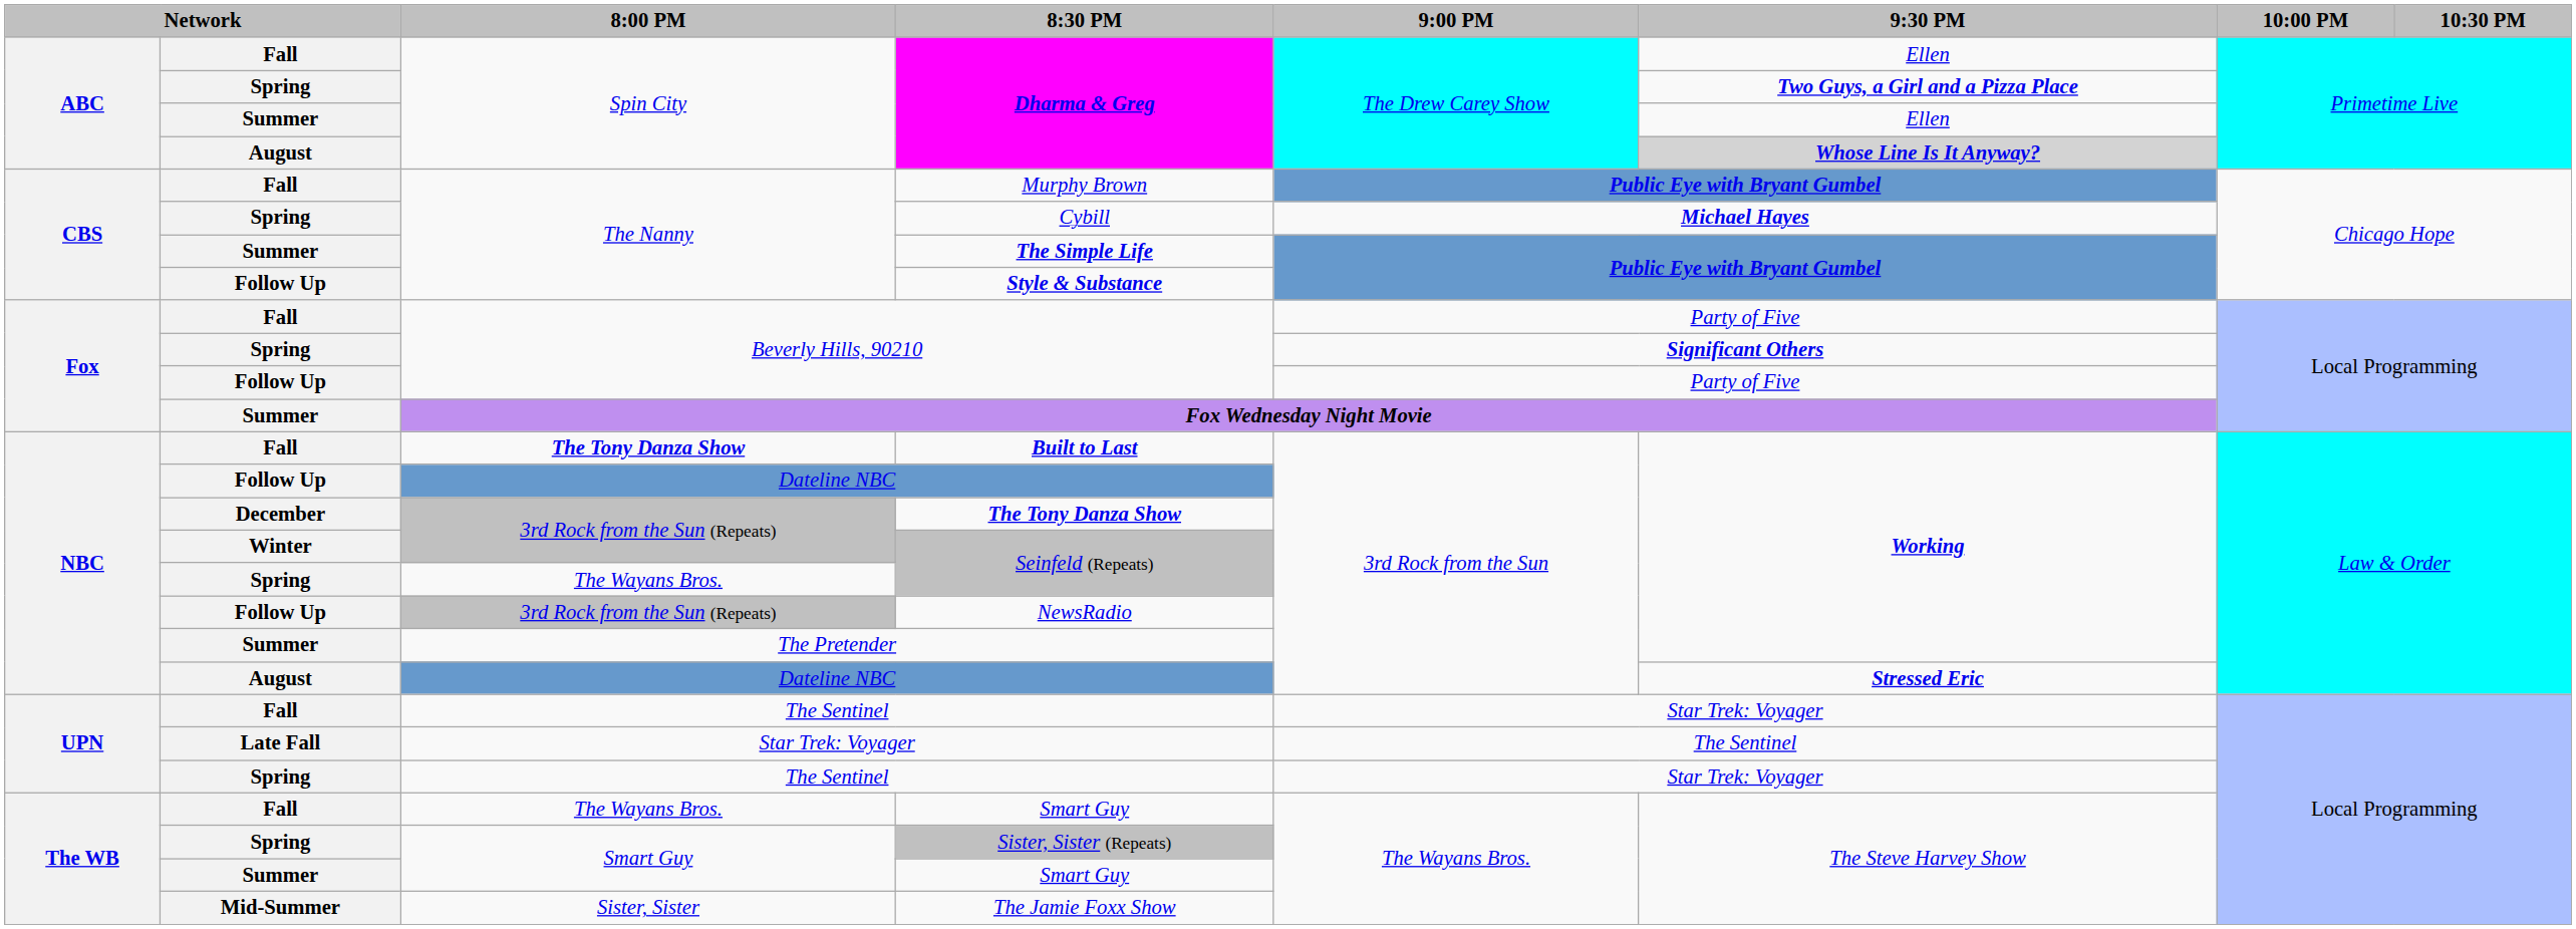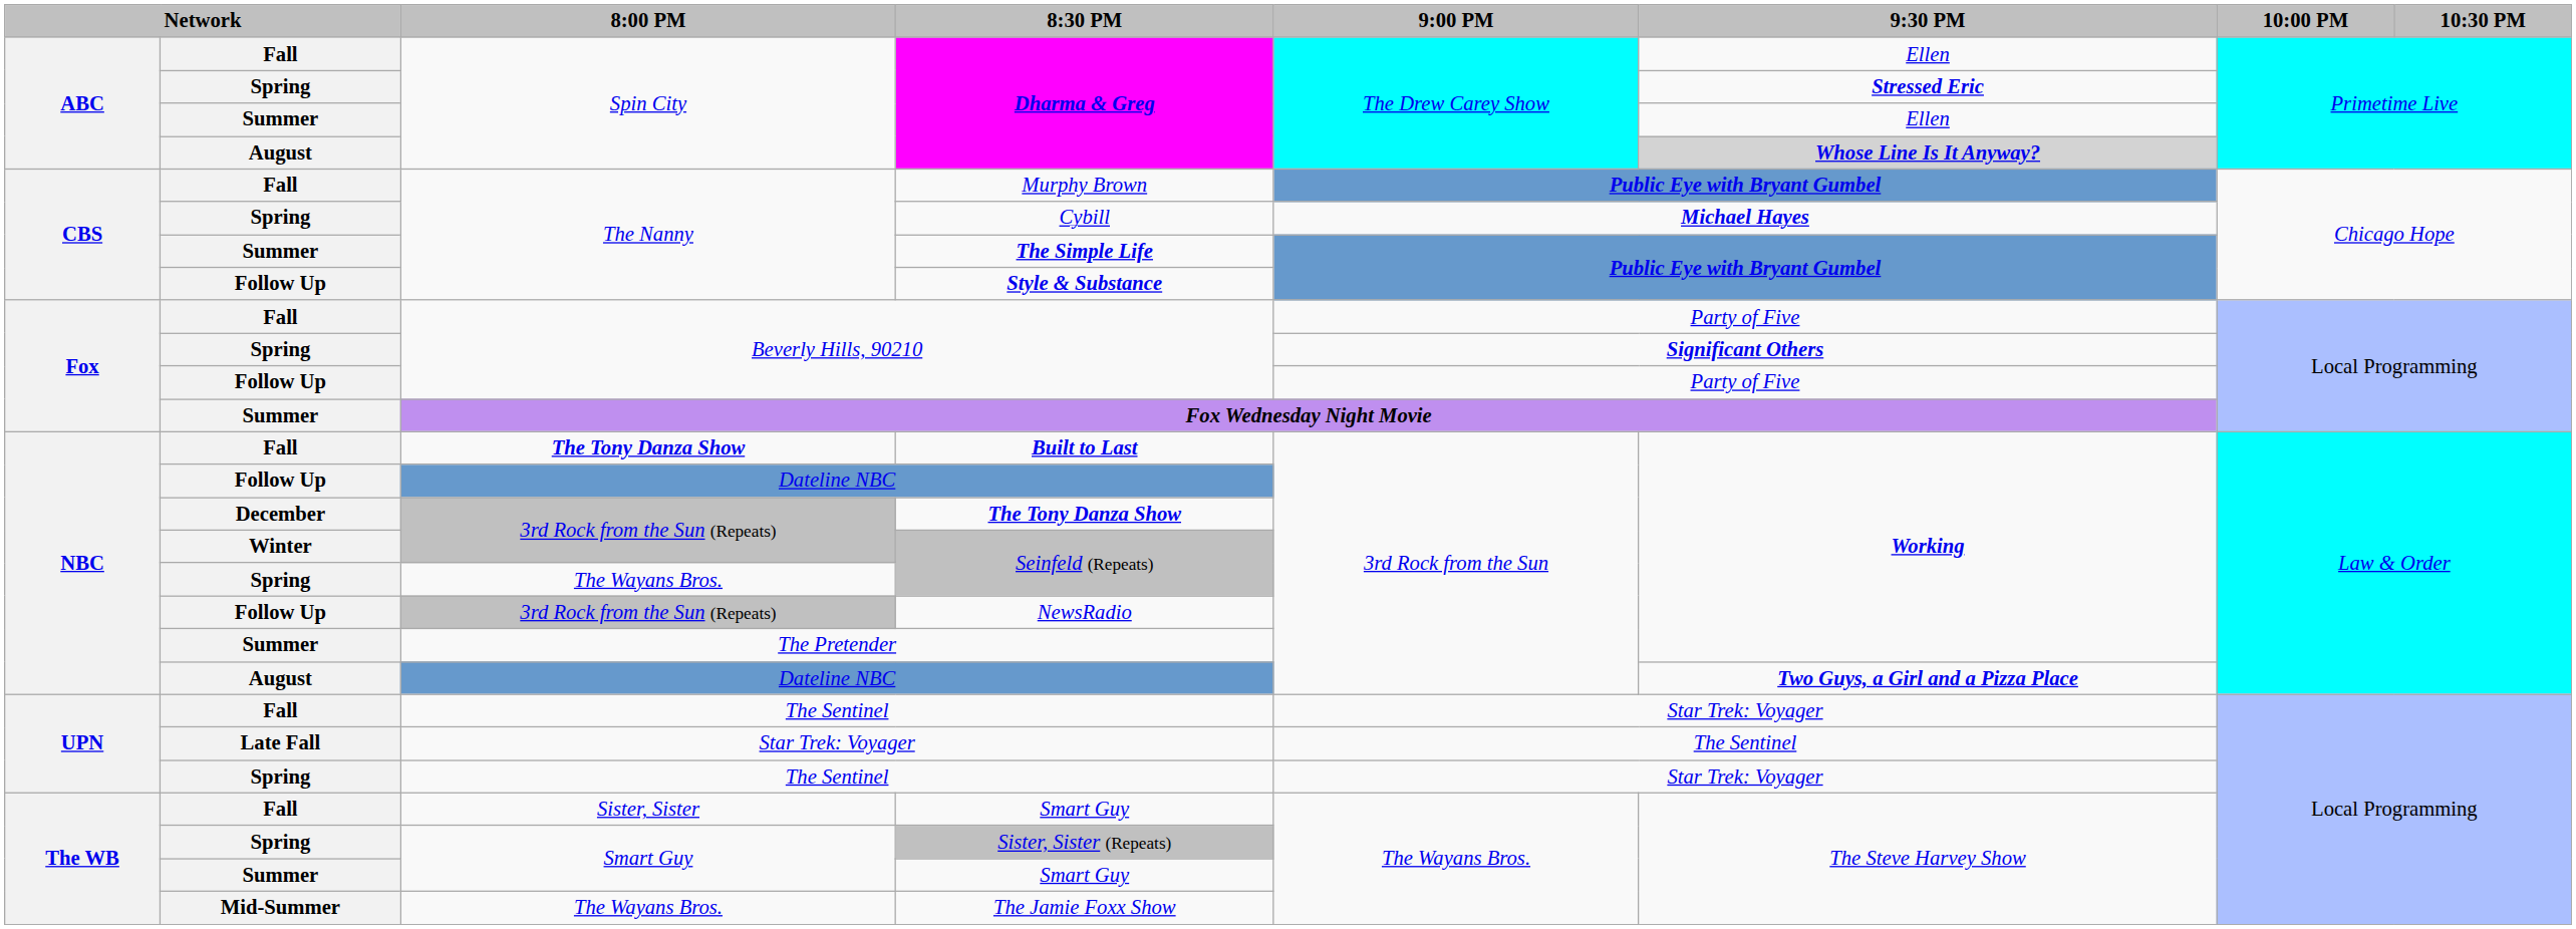 <table class="wikitable" style="width:100%;margin-right:0;text-align:center">
 <tr>
 <th colspan="2" style="background-color:#C0C0C0;text-align:center">Network</th>
 <th style="background-color:#C0C0C0;text-align:center">8:00 PM</th>
 <th style="background-color:#C0C0C0;text-align:center">8:30 PM</th>
 <th style="background-color:#C0C0C0;text-align:center">9:00 PM</th>
 <th style="background-color:#C0C0C0;text-align:center">9:30 PM</th>
 <th style="background-color:#C0C0C0;text-align:center">10:00 PM</th>
 <th style="background-color:#C0C0C0;text-align:center">10:30 PM</th>
 </tr>
 <tr>
 <th rowspan="4"><a href='#'>ABC</a></th>
 <th>Fall</th>
 <td rowspan="4"><em><a href='#'>Spin City</a></em></td>
 <td rowspan="4" style="background:magenta;"><strong><em><a href='#'>Dharma & Greg</a></em></strong> </td>
 <td rowspan="4" style="background:cyan;"><em><a href='#'>The Drew Carey Show</a></em> </td>
 <td><em><a href='#'>Ellen</a></em></td>
 <td rowspan="4" colspan="2" style="background:cyan;"><em><a href='#'>Primetime Live</a></em> </td>
 </tr>
 <tr>
 <th>Spring</th>
-<td><strong><em><a href='#'>Two Guys, a Girl and a Pizza Place</a></em></strong></td>
+<td><strong><em><a href='#'>Stressed Eric</a></em></strong></td>
 </tr>
 <tr>
 <th>Summer</th>
 <td><em><a href='#'>Ellen</a></em></td>
 </tr>
 <tr>
 <th>August</th>
 <td style="background: lightgrey;"><strong><em><a href='#'>Whose Line Is It Anyway?</a></em></strong></td>
 </tr>
 <tr>
 <th rowspan="4"><a href='#'>CBS</a></th>
 <th>Fall</th>
 <td rowspan="4"><em><a href='#'>The Nanny</a></em></td>
 <td><em><a href='#'>Murphy Brown</a></em></td>
 <td bgcolor="#6699CC" colspan="2"><strong><em><a href='#'>Public Eye with Bryant Gumbel</a></em></strong></td>
 <td rowspan="4" colspan="2"><em><a href='#'>Chicago Hope</a></em></td>
 </tr>
 <tr>
 <th>Spring</th>
 <td><em><a href='#'>Cybill</a></em></td>
 <td colspan="2"><strong><em><a href='#'>Michael Hayes</a></em></strong></td>
 </tr>
 <tr>
 <th>Summer</th>
 <td><strong><em><a href='#'>The Simple Life</a></em></strong></td>
 <td rowspan="2" bgcolor="#6699CC" colspan="2"><strong><em><a href='#'>Public Eye with Bryant Gumbel</a></em></strong></td>
 </tr>
 <tr>
 <th>Follow Up</th>
 <td><strong><em><a href='#'>Style & Substance</a></em></strong></td>
 </tr>
 <tr>
 <th rowspan="4"><a href='#'>Fox</a></th>
 <th>Fall</th>
 <td rowspan="3" colspan="2"><em><a href='#'>Beverly Hills, 90210</a></em></td>
 <td colspan="2"><em><a href='#'>Party of Five</a></em></td>
 <td bgcolor="#abbfff" rowspan="4" colspan="2">Local Programming</td>
 </tr>
 <tr>
 <th>Spring</th>
 <td colspan="2"><strong><em><a href='#'>Significant Others</a></em></strong></td>
 </tr>
 <tr>
 <th>Follow Up</th>
 <td colspan="2"><em><a href='#'>Party of Five</a></em></td>
 </tr>
 <tr>
 <th>Summer</th>
 <td bgcolor="#bf8fef" colspan="4"><strong><em>Fox Wednesday Night Movie</em></strong></td>
 </tr>
 <tr>
 <th rowspan="8"><a href='#'>NBC</a></th>
 <th>Fall</th>
 <td><strong><em><a href='#'>The Tony Danza Show</a></em></strong></td>
 <td><strong><em><a href='#'>Built to Last</a></em></strong></td>
 <td rowspan="8"><em><a href='#'>3rd Rock from the Sun</a></em></td>
 <td rowspan="7"><strong><em><a href='#'>Working</a></em></strong></td>
 <td rowspan="8" colspan="2" style="background:cyan;"><em><a href='#'>Law & Order</a></em> </td>
 </tr>
 <tr>
 <th>Follow Up</th>
 <td bgcolor="#6699CC" colspan="2"><em><a href='#'>Dateline NBC</a></em></td>
 </tr>
 <tr>
 <th>December</th>
 <td bgcolor="#C0C0C0" rowspan="2"><em><a href='#'>3rd Rock from the Sun</a></em> <small>(Repeats)</small></td>
 <td><strong><em><a href='#'>The Tony Danza Show</a></em></strong></td>
 </tr>
 <tr>
 <th>Winter</th>
 <td bgcolor="#C0C0C0" rowspan="2"><em><a href='#'>Seinfeld</a></em> <small>(Repeats)</small></td>
 </tr>
 <tr>
 <th>Spring</th>
 <td><em><a href='#'>The Wayans Bros.</a></em></td>
 </tr>
 <tr>
 <th>Follow Up</th>
 <td bgcolor="#C0C0C0"><em><a href='#'>3rd Rock from the Sun</a></em> <small>(Repeats)</small></td>
 <td><em><a href='#'>NewsRadio</a></em></td>
 </tr>
 <tr>
 <th>Summer</th>
 <td colspan="2"><em><a href='#'>The Pretender</a></em></td>
 </tr>
 <tr>
 <th>August</th>
 <td bgcolor="#6699CC" colspan="2"><em><a href='#'>Dateline NBC</a></em></td>
-<td><strong><em><a href='#'>Stressed Eric</a></em></strong></td>
+<td><strong><em><a href='#'>Two Guys, a Girl and a Pizza Place</a></em></strong></td>
 </tr>
 <tr>
 <th rowspan="3"><a href='#'>UPN</a></th>
 <th>Fall</th>
 <td colspan="2"><em><a href='#'>The Sentinel</a></em></td>
 <td colspan="2"><em><a href='#'>Star Trek: Voyager</a></em></td>
 <td bgcolor="#abbfff" rowspan="7" colspan="2">Local Programming</td>
 </tr>
 <tr>
 <th>Late Fall</th>
 <td colspan="2"><em><a href='#'>Star Trek: Voyager</a></em></td>
 <td colspan="2"><em><a href='#'>The Sentinel</a></em></td>
 </tr>
 <tr>
 <th>Spring</th>
 <td colspan="2"><em><a href='#'>The Sentinel</a></em></td>
 <td colspan="2"><em><a href='#'>Star Trek: Voyager</a></em></td>
 </tr>
 <tr>
 <th rowspan="4"><a href='#'>The WB</a></th>
 <th>Fall</th>
-<td><em><a href='#'>The Wayans Bros.</a></em></td>
+<td><em><a href='#'>Sister, Sister</a></em></td>
 <td><em><a href='#'>Smart Guy</a></em></td>
 <td rowspan="4"><em><a href='#'>The Wayans Bros.</a></em></td>
 <td rowspan="4"><em><a href='#'>The Steve Harvey Show</a></em></td>
 </tr>
 <tr>
 <th>Spring</th>
 <td rowspan="2"><em><a href='#'>Smart Guy</a></em></td>
 <td bgcolor="#C0C0C0"><em><a href='#'>Sister, Sister</a></em> <small>(Repeats)</small></td>
 </tr>
 <tr>
 <th>Summer</th>
 <td><em><a href='#'>Smart Guy</a></em></td>
 </tr>
 <tr>
 <th>Mid-Summer</th>
-<td><em><a href='#'>Sister, Sister</a></em></td>
+<td><em><a href='#'>The Wayans Bros.</a></em></td>
 <td><em><a href='#'>The Jamie Foxx Show</a></em></td>
 </tr>
 <tr>
 </tr>
 </table>
